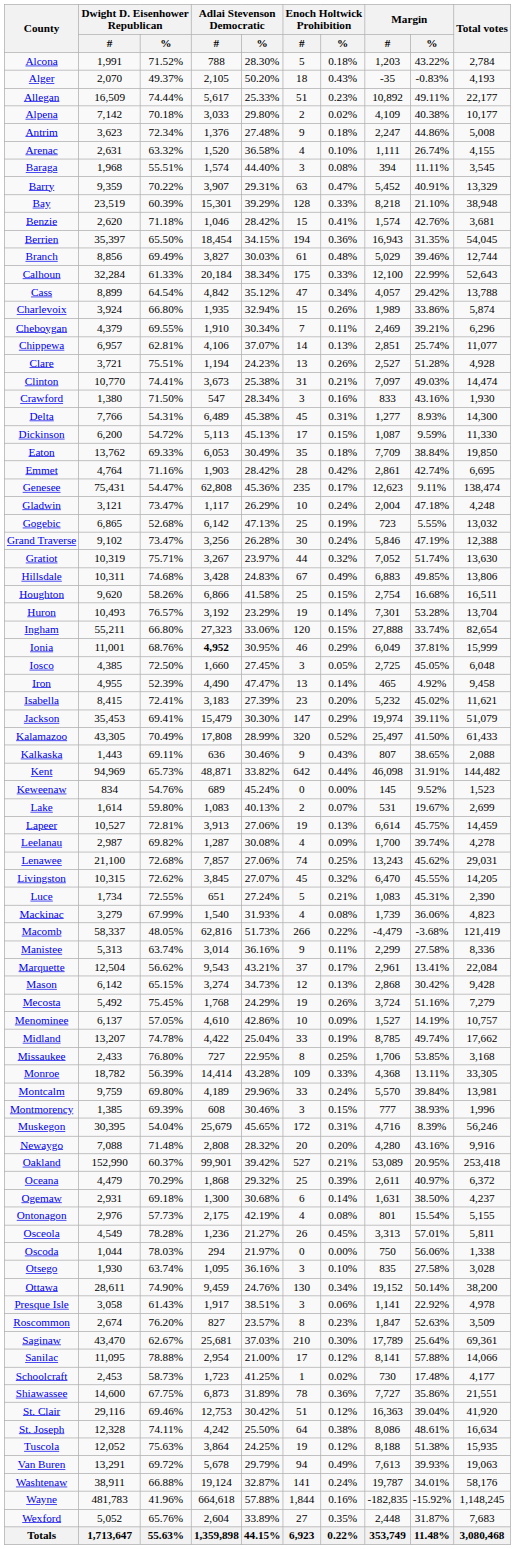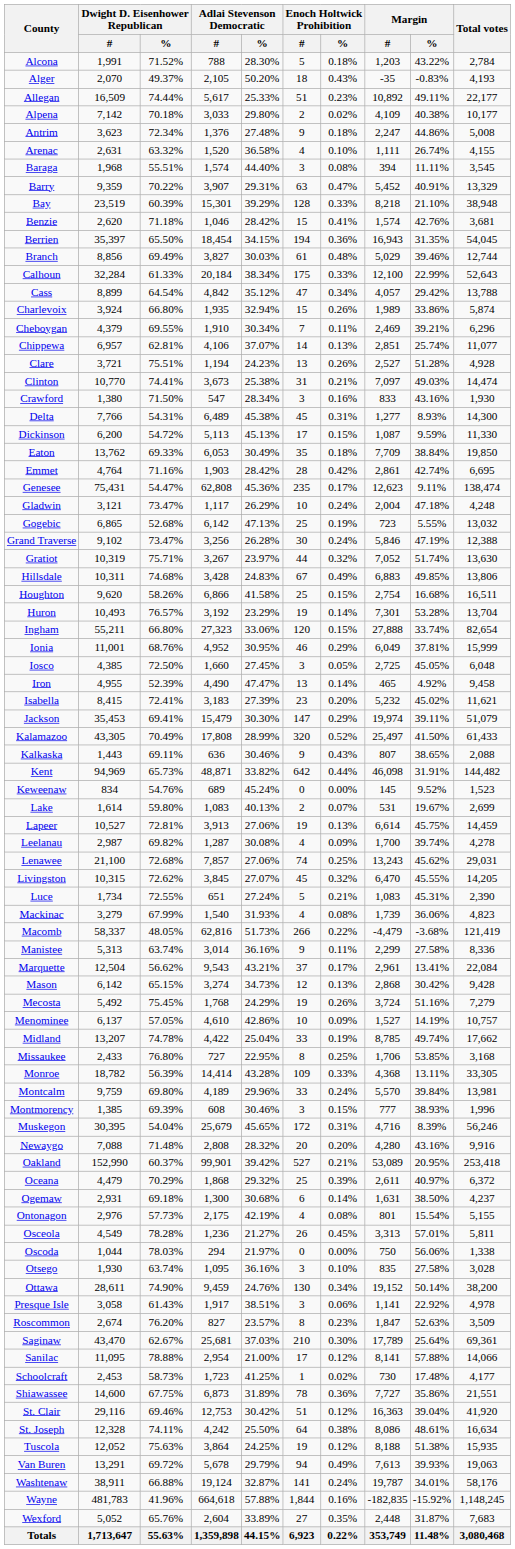 <table class="wikitable sortable">
 <tr>
 <th style="text-align:center;" rowspan="2">County</th>
 <th style="text-align:center;" colspan="2">Dwight D. Eisenhower<br>Republican</th>
 <th style="text-align:center;" colspan="2">Adlai Stevenson<br>Democratic</th>
 <th style="text-align:center;" colspan="2">Enoch Holtwick<br>Prohibition</th>
 <th style="text-align:center;" colspan="2">Margin</th>
 <th style="text-align:center;" rowspan="2">Total votes</th>
 </tr>
 <tr>
 <th style="text-align:center;" data-sort-type="number">#</th>
 <th style="text-align:center;" data-sort-type="number">%</th>
 <th style="text-align:center;" data-sort-type="number">#</th>
 <th style="text-align:center;" data-sort-type="number">%</th>
 <th style="text-align:center;" data-sort-type="number">#</th>
 <th style="text-align:center;" data-sort-type="number">%</th>
 <th style="text-align:center;" data-sort-type="number">#</th>
 <th style="text-align:center;" data-sort-type="number">%</th>
 </tr>
 <tr style="text-align:center;">
 <td><a href='#'>Alcona</a></td>
 <td>1,991</td>
 <td>71.52%</td>
 <td>788</td>
 <td>28.30%</td>
 <td>5</td>
 <td>0.18%</td>
 <td>1,203</td>
 <td>43.22%</td>
 <td>2,784</td>
 </tr>
 <tr style="text-align:center;">
 <td><a href='#'>Alger</a></td>
 <td>2,070</td>
 <td>49.37%</td>
 <td>2,105</td>
 <td>50.20%</td>
 <td>18</td>
 <td>0.43%</td>
 <td>-35</td>
 <td>-0.83%</td>
 <td>4,193</td>
 </tr>
 <tr style="text-align:center;">
 <td><a href='#'>Allegan</a></td>
 <td>16,509</td>
 <td>74.44%</td>
 <td>5,617</td>
 <td>25.33%</td>
 <td>51</td>
 <td>0.23%</td>
 <td>10,892</td>
 <td>49.11%</td>
 <td>22,177</td>
 </tr>
 <tr style="text-align:center;">
 <td><a href='#'>Alpena</a></td>
 <td>7,142</td>
 <td>70.18%</td>
 <td>3,033</td>
 <td>29.80%</td>
 <td>2</td>
 <td>0.02%</td>
 <td>4,109</td>
 <td>40.38%</td>
 <td>10,177</td>
 </tr>
 <tr style="text-align:center;">
 <td><a href='#'>Antrim</a></td>
 <td>3,623</td>
 <td>72.34%</td>
 <td>1,376</td>
 <td>27.48%</td>
 <td>9</td>
 <td>0.18%</td>
 <td>2,247</td>
 <td>44.86%</td>
 <td>5,008</td>
 </tr>
 <tr style="text-align:center;">
 <td><a href='#'>Arenac</a></td>
 <td>2,631</td>
 <td>63.32%</td>
 <td>1,520</td>
 <td>36.58%</td>
 <td>4</td>
 <td>0.10%</td>
 <td>1,111</td>
 <td>26.74%</td>
 <td>4,155</td>
 </tr>
 <tr style="text-align:center;">
 <td><a href='#'>Baraga</a></td>
 <td>1,968</td>
 <td>55.51%</td>
 <td>1,574</td>
 <td>44.40%</td>
 <td>3</td>
 <td>0.08%</td>
 <td>394</td>
 <td>11.11%</td>
 <td>3,545</td>
 </tr>
 <tr style="text-align:center;">
 <td><a href='#'>Barry</a></td>
 <td>9,359</td>
 <td>70.22%</td>
 <td>3,907</td>
 <td>29.31%</td>
 <td>63</td>
 <td>0.47%</td>
 <td>5,452</td>
 <td>40.91%</td>
 <td>13,329</td>
 </tr>
 <tr style="text-align:center;">
 <td><a href='#'>Bay</a></td>
 <td>23,519</td>
 <td>60.39%</td>
 <td>15,301</td>
 <td>39.29%</td>
 <td>128</td>
 <td>0.33%</td>
 <td>8,218</td>
 <td>21.10%</td>
 <td>38,948</td>
 </tr>
 <tr style="text-align:center;">
 <td><a href='#'>Benzie</a></td>
 <td>2,620</td>
 <td>71.18%</td>
 <td>1,046</td>
 <td>28.42%</td>
 <td>15</td>
 <td>0.41%</td>
 <td>1,574</td>
 <td>42.76%</td>
 <td>3,681</td>
 </tr>
 <tr style="text-align:center;">
 <td><a href='#'>Berrien</a></td>
 <td>35,397</td>
 <td>65.50%</td>
 <td>18,454</td>
 <td>34.15%</td>
 <td>194</td>
 <td>0.36%</td>
 <td>16,943</td>
 <td>31.35%</td>
 <td>54,045</td>
 </tr>
 <tr style="text-align:center;">
 <td><a href='#'>Branch</a></td>
 <td>8,856</td>
 <td>69.49%</td>
 <td>3,827</td>
 <td>30.03%</td>
 <td>61</td>
 <td>0.48%</td>
 <td>5,029</td>
 <td>39.46%</td>
 <td>12,744</td>
 </tr>
 <tr style="text-align:center;">
 <td><a href='#'>Calhoun</a></td>
 <td>32,284</td>
 <td>61.33%</td>
 <td>20,184</td>
 <td>38.34%</td>
 <td>175</td>
 <td>0.33%</td>
 <td>12,100</td>
 <td>22.99%</td>
 <td>52,643</td>
 </tr>
 <tr style="text-align:center;">
 <td><a href='#'>Cass</a></td>
 <td>8,899</td>
 <td>64.54%</td>
 <td>4,842</td>
 <td>35.12%</td>
 <td>47</td>
 <td>0.34%</td>
 <td>4,057</td>
 <td>29.42%</td>
 <td>13,788</td>
 </tr>
 <tr style="text-align:center;">
 <td><a href='#'>Charlevoix</a></td>
 <td>3,924</td>
 <td>66.80%</td>
 <td>1,935</td>
 <td>32.94%</td>
 <td>15</td>
 <td>0.26%</td>
 <td>1,989</td>
 <td>33.86%</td>
 <td>5,874</td>
 </tr>
 <tr style="text-align:center;">
 <td><a href='#'>Cheboygan</a></td>
 <td>4,379</td>
 <td>69.55%</td>
 <td>1,910</td>
 <td>30.34%</td>
 <td>7</td>
 <td>0.11%</td>
 <td>2,469</td>
 <td>39.21%</td>
 <td>6,296</td>
 </tr>
 <tr style="text-align:center;">
 <td><a href='#'>Chippewa</a></td>
 <td>6,957</td>
 <td>62.81%</td>
 <td>4,106</td>
 <td>37.07%</td>
 <td>14</td>
 <td>0.13%</td>
 <td>2,851</td>
 <td>25.74%</td>
 <td>11,077</td>
 </tr>
 <tr style="text-align:center;">
 <td><a href='#'>Clare</a></td>
 <td>3,721</td>
 <td>75.51%</td>
 <td>1,194</td>
 <td>24.23%</td>
 <td>13</td>
 <td>0.26%</td>
 <td>2,527</td>
 <td>51.28%</td>
 <td>4,928</td>
 </tr>
 <tr style="text-align:center;">
 <td><a href='#'>Clinton</a></td>
 <td>10,770</td>
 <td>74.41%</td>
 <td>3,673</td>
 <td>25.38%</td>
 <td>31</td>
 <td>0.21%</td>
 <td>7,097</td>
 <td>49.03%</td>
 <td>14,474</td>
 </tr>
 <tr style="text-align:center;">
 <td><a href='#'>Crawford</a></td>
 <td>1,380</td>
 <td>71.50%</td>
 <td>547</td>
 <td>28.34%</td>
 <td>3</td>
 <td>0.16%</td>
 <td>833</td>
 <td>43.16%</td>
 <td>1,930</td>
 </tr>
 <tr style="text-align:center;">
 <td><a href='#'>Delta</a></td>
 <td>7,766</td>
 <td>54.31%</td>
 <td>6,489</td>
 <td>45.38%</td>
 <td>45</td>
 <td>0.31%</td>
 <td>1,277</td>
 <td>8.93%</td>
 <td>14,300</td>
 </tr>
 <tr style="text-align:center;">
 <td><a href='#'>Dickinson</a></td>
 <td>6,200</td>
 <td>54.72%</td>
 <td>5,113</td>
 <td>45.13%</td>
 <td>17</td>
 <td>0.15%</td>
 <td>1,087</td>
 <td>9.59%</td>
 <td>11,330</td>
 </tr>
 <tr style="text-align:center;">
 <td><a href='#'>Eaton</a></td>
 <td>13,762</td>
 <td>69.33%</td>
 <td>6,053</td>
 <td>30.49%</td>
 <td>35</td>
 <td>0.18%</td>
 <td>7,709</td>
 <td>38.84%</td>
 <td>19,850</td>
 </tr>
 <tr style="text-align:center;">
 <td><a href='#'>Emmet</a></td>
 <td>4,764</td>
 <td>71.16%</td>
 <td>1,903</td>
 <td>28.42%</td>
 <td>28</td>
 <td>0.42%</td>
 <td>2,861</td>
 <td>42.74%</td>
 <td>6,695</td>
 </tr>
 <tr style="text-align:center;">
 <td><a href='#'>Genesee</a></td>
 <td>75,431</td>
 <td>54.47%</td>
 <td>62,808</td>
 <td>45.36%</td>
 <td>235</td>
 <td>0.17%</td>
 <td>12,623</td>
 <td>9.11%</td>
 <td>138,474</td>
 </tr>
 <tr style="text-align:center;">
 <td><a href='#'>Gladwin</a></td>
 <td>3,121</td>
 <td>73.47%</td>
 <td>1,117</td>
 <td>26.29%</td>
 <td>10</td>
 <td>0.24%</td>
 <td>2,004</td>
 <td>47.18%</td>
 <td>4,248</td>
 </tr>
 <tr style="text-align:center;">
 <td><a href='#'>Gogebic</a></td>
 <td>6,865</td>
 <td>52.68%</td>
 <td>6,142</td>
 <td>47.13%</td>
 <td>25</td>
 <td>0.19%</td>
 <td>723</td>
 <td>5.55%</td>
 <td>13,032</td>
 </tr>
 <tr style="text-align:center;">
 <td><a href='#'>Grand Traverse</a></td>
 <td>9,102</td>
 <td>73.47%</td>
 <td>3,256</td>
 <td>26.28%</td>
 <td>30</td>
 <td>0.24%</td>
 <td>5,846</td>
 <td>47.19%</td>
 <td>12,388</td>
 </tr>
 <tr style="text-align:center;">
 <td><a href='#'>Gratiot</a></td>
 <td>10,319</td>
 <td>75.71%</td>
 <td>3,267</td>
 <td>23.97%</td>
 <td>44</td>
 <td>0.32%</td>
 <td>7,052</td>
 <td>51.74%</td>
 <td>13,630</td>
 </tr>
 <tr style="text-align:center;">
 <td><a href='#'>Hillsdale</a></td>
 <td>10,311</td>
 <td>74.68%</td>
 <td>3,428</td>
 <td>24.83%</td>
 <td>67</td>
 <td>0.49%</td>
 <td>6,883</td>
 <td>49.85%</td>
 <td>13,806</td>
 </tr>
 <tr style="text-align:center;">
 <td><a href='#'>Houghton</a></td>
 <td>9,620</td>
 <td>58.26%</td>
 <td>6,866</td>
 <td>41.58%</td>
 <td>25</td>
 <td>0.15%</td>
 <td>2,754</td>
 <td>16.68%</td>
 <td>16,511</td>
 </tr>
 <tr style="text-align:center;">
 <td><a href='#'>Huron</a></td>
 <td>10,493</td>
 <td>76.57%</td>
 <td>3,192</td>
 <td>23.29%</td>
 <td>19</td>
 <td>0.14%</td>
 <td>7,301</td>
 <td>53.28%</td>
 <td>13,704</td>
 </tr>
 <tr style="text-align:center;">
 <td><a href='#'>Ingham</a></td>
 <td>55,211</td>
 <td>66.80%</td>
 <td>27,323</td>
 <td>33.06%</td>
 <td>120</td>
 <td>0.15%</td>
 <td>27,888</td>
 <td>33.74%</td>
 <td>82,654</td>
 </tr>
 <tr style="text-align:center;">
 <td><a href='#'>Ionia</a></td>
 <td>11,001</td>
 <td>68.76%</td>
-<td><strong>4,952</strong></td>
+<td>4,952</td>
 <td>30.95%</td>
 <td>46</td>
 <td>0.29%</td>
 <td>6,049</td>
 <td>37.81%</td>
 <td>15,999</td>
 </tr>
 <tr style="text-align:center;">
 <td><a href='#'>Iosco</a></td>
 <td>4,385</td>
 <td>72.50%</td>
 <td>1,660</td>
 <td>27.45%</td>
 <td>3</td>
 <td>0.05%</td>
 <td>2,725</td>
 <td>45.05%</td>
 <td>6,048</td>
 </tr>
 <tr style="text-align:center;">
 <td><a href='#'>Iron</a></td>
 <td>4,955</td>
 <td>52.39%</td>
 <td>4,490</td>
 <td>47.47%</td>
 <td>13</td>
 <td>0.14%</td>
 <td>465</td>
 <td>4.92%</td>
 <td>9,458</td>
 </tr>
 <tr style="text-align:center;">
 <td><a href='#'>Isabella</a></td>
 <td>8,415</td>
 <td>72.41%</td>
 <td>3,183</td>
 <td>27.39%</td>
 <td>23</td>
 <td>0.20%</td>
 <td>5,232</td>
 <td>45.02%</td>
 <td>11,621</td>
 </tr>
 <tr style="text-align:center;">
 <td><a href='#'>Jackson</a></td>
 <td>35,453</td>
 <td>69.41%</td>
 <td>15,479</td>
 <td>30.30%</td>
 <td>147</td>
 <td>0.29%</td>
 <td>19,974</td>
 <td>39.11%</td>
 <td>51,079</td>
 </tr>
 <tr style="text-align:center;">
 <td><a href='#'>Kalamazoo</a></td>
 <td>43,305</td>
 <td>70.49%</td>
 <td>17,808</td>
 <td>28.99%</td>
 <td>320</td>
 <td>0.52%</td>
 <td>25,497</td>
 <td>41.50%</td>
 <td>61,433</td>
 </tr>
 <tr style="text-align:center;">
 <td><a href='#'>Kalkaska</a></td>
 <td>1,443</td>
 <td>69.11%</td>
 <td>636</td>
 <td>30.46%</td>
 <td>9</td>
 <td>0.43%</td>
 <td>807</td>
 <td>38.65%</td>
 <td>2,088</td>
 </tr>
 <tr style="text-align:center;">
 <td><a href='#'>Kent</a></td>
 <td>94,969</td>
 <td>65.73%</td>
 <td>48,871</td>
 <td>33.82%</td>
 <td>642</td>
 <td>0.44%</td>
 <td>46,098</td>
 <td>31.91%</td>
 <td>144,482</td>
 </tr>
 <tr style="text-align:center;">
 <td><a href='#'>Keweenaw</a></td>
 <td>834</td>
 <td>54.76%</td>
 <td>689</td>
 <td>45.24%</td>
 <td>0</td>
 <td>0.00%</td>
 <td>145</td>
 <td>9.52%</td>
 <td>1,523</td>
 </tr>
 <tr style="text-align:center;">
 <td><a href='#'>Lake</a></td>
 <td>1,614</td>
 <td>59.80%</td>
 <td>1,083</td>
 <td>40.13%</td>
 <td>2</td>
 <td>0.07%</td>
 <td>531</td>
 <td>19.67%</td>
 <td>2,699</td>
 </tr>
 <tr style="text-align:center;">
 <td><a href='#'>Lapeer</a></td>
 <td>10,527</td>
 <td>72.81%</td>
 <td>3,913</td>
 <td>27.06%</td>
 <td>19</td>
 <td>0.13%</td>
 <td>6,614</td>
 <td>45.75%</td>
 <td>14,459</td>
 </tr>
 <tr style="text-align:center;">
 <td><a href='#'>Leelanau</a></td>
 <td>2,987</td>
 <td>69.82%</td>
 <td>1,287</td>
 <td>30.08%</td>
 <td>4</td>
 <td>0.09%</td>
 <td>1,700</td>
 <td>39.74%</td>
 <td>4,278</td>
 </tr>
 <tr style="text-align:center;">
 <td><a href='#'>Lenawee</a></td>
 <td>21,100</td>
 <td>72.68%</td>
 <td>7,857</td>
 <td>27.06%</td>
 <td>74</td>
 <td>0.25%</td>
 <td>13,243</td>
 <td>45.62%</td>
 <td>29,031</td>
 </tr>
 <tr style="text-align:center;">
 <td><a href='#'>Livingston</a></td>
 <td>10,315</td>
 <td>72.62%</td>
 <td>3,845</td>
 <td>27.07%</td>
 <td>45</td>
 <td>0.32%</td>
 <td>6,470</td>
 <td>45.55%</td>
 <td>14,205</td>
 </tr>
 <tr style="text-align:center;">
 <td><a href='#'>Luce</a></td>
 <td>1,734</td>
 <td>72.55%</td>
 <td>651</td>
 <td>27.24%</td>
 <td>5</td>
 <td>0.21%</td>
 <td>1,083</td>
 <td>45.31%</td>
 <td>2,390</td>
 </tr>
 <tr style="text-align:center;">
 <td><a href='#'>Mackinac</a></td>
 <td>3,279</td>
 <td>67.99%</td>
 <td>1,540</td>
 <td>31.93%</td>
 <td>4</td>
 <td>0.08%</td>
 <td>1,739</td>
 <td>36.06%</td>
 <td>4,823</td>
 </tr>
 <tr style="text-align:center;">
 <td><a href='#'>Macomb</a></td>
 <td>58,337</td>
 <td>48.05%</td>
 <td>62,816</td>
 <td>51.73%</td>
 <td>266</td>
 <td>0.22%</td>
 <td>-4,479</td>
 <td>-3.68%</td>
 <td>121,419</td>
 </tr>
 <tr style="text-align:center;">
 <td><a href='#'>Manistee</a></td>
 <td>5,313</td>
 <td>63.74%</td>
 <td>3,014</td>
 <td>36.16%</td>
 <td>9</td>
 <td>0.11%</td>
 <td>2,299</td>
 <td>27.58%</td>
 <td>8,336</td>
 </tr>
 <tr style="text-align:center;">
 <td><a href='#'>Marquette</a></td>
 <td>12,504</td>
 <td>56.62%</td>
 <td>9,543</td>
 <td>43.21%</td>
 <td>37</td>
 <td>0.17%</td>
 <td>2,961</td>
 <td>13.41%</td>
 <td>22,084</td>
 </tr>
 <tr style="text-align:center;">
 <td><a href='#'>Mason</a></td>
 <td>6,142</td>
 <td>65.15%</td>
 <td>3,274</td>
 <td>34.73%</td>
 <td>12</td>
 <td>0.13%</td>
 <td>2,868</td>
 <td>30.42%</td>
 <td>9,428</td>
 </tr>
 <tr style="text-align:center;">
 <td><a href='#'>Mecosta</a></td>
 <td>5,492</td>
 <td>75.45%</td>
 <td>1,768</td>
 <td>24.29%</td>
 <td>19</td>
 <td>0.26%</td>
 <td>3,724</td>
 <td>51.16%</td>
 <td>7,279</td>
 </tr>
 <tr style="text-align:center;">
 <td><a href='#'>Menominee</a></td>
 <td>6,137</td>
 <td>57.05%</td>
 <td>4,610</td>
 <td>42.86%</td>
 <td>10</td>
 <td>0.09%</td>
 <td>1,527</td>
 <td>14.19%</td>
 <td>10,757</td>
 </tr>
 <tr style="text-align:center;">
 <td><a href='#'>Midland</a></td>
 <td>13,207</td>
 <td>74.78%</td>
 <td>4,422</td>
 <td>25.04%</td>
 <td>33</td>
 <td>0.19%</td>
 <td>8,785</td>
 <td>49.74%</td>
 <td>17,662</td>
 </tr>
 <tr style="text-align:center;">
 <td><a href='#'>Missaukee</a></td>
 <td>2,433</td>
 <td>76.80%</td>
 <td>727</td>
 <td>22.95%</td>
 <td>8</td>
 <td>0.25%</td>
 <td>1,706</td>
 <td>53.85%</td>
 <td>3,168</td>
 </tr>
 <tr style="text-align:center;">
 <td><a href='#'>Monroe</a></td>
 <td>18,782</td>
 <td>56.39%</td>
 <td>14,414</td>
 <td>43.28%</td>
 <td>109</td>
 <td>0.33%</td>
 <td>4,368</td>
 <td>13.11%</td>
 <td>33,305</td>
 </tr>
 <tr style="text-align:center;">
 <td><a href='#'>Montcalm</a></td>
 <td>9,759</td>
 <td>69.80%</td>
 <td>4,189</td>
 <td>29.96%</td>
 <td>33</td>
 <td>0.24%</td>
 <td>5,570</td>
 <td>39.84%</td>
 <td>13,981</td>
 </tr>
 <tr style="text-align:center;">
 <td><a href='#'>Montmorency</a></td>
 <td>1,385</td>
 <td>69.39%</td>
 <td>608</td>
 <td>30.46%</td>
 <td>3</td>
 <td>0.15%</td>
 <td>777</td>
 <td>38.93%</td>
 <td>1,996</td>
 </tr>
 <tr style="text-align:center;">
 <td><a href='#'>Muskegon</a></td>
 <td>30,395</td>
 <td>54.04%</td>
 <td>25,679</td>
 <td>45.65%</td>
 <td>172</td>
 <td>0.31%</td>
 <td>4,716</td>
 <td>8.39%</td>
 <td>56,246</td>
 </tr>
 <tr style="text-align:center;">
 <td><a href='#'>Newaygo</a></td>
 <td>7,088</td>
 <td>71.48%</td>
 <td>2,808</td>
 <td>28.32%</td>
 <td>20</td>
 <td>0.20%</td>
 <td>4,280</td>
 <td>43.16%</td>
 <td>9,916</td>
 </tr>
 <tr style="text-align:center;">
 <td><a href='#'>Oakland</a></td>
 <td>152,990</td>
 <td>60.37%</td>
 <td>99,901</td>
 <td>39.42%</td>
 <td>527</td>
 <td>0.21%</td>
 <td>53,089</td>
 <td>20.95%</td>
 <td>253,418</td>
 </tr>
 <tr style="text-align:center;">
 <td><a href='#'>Oceana</a></td>
 <td>4,479</td>
 <td>70.29%</td>
 <td>1,868</td>
 <td>29.32%</td>
 <td>25</td>
 <td>0.39%</td>
 <td>2,611</td>
 <td>40.97%</td>
 <td>6,372</td>
 </tr>
 <tr style="text-align:center;">
 <td><a href='#'>Ogemaw</a></td>
 <td>2,931</td>
 <td>69.18%</td>
 <td>1,300</td>
 <td>30.68%</td>
 <td>6</td>
 <td>0.14%</td>
 <td>1,631</td>
 <td>38.50%</td>
 <td>4,237</td>
 </tr>
 <tr style="text-align:center;">
 <td><a href='#'>Ontonagon</a></td>
 <td>2,976</td>
 <td>57.73%</td>
 <td>2,175</td>
 <td>42.19%</td>
 <td>4</td>
 <td>0.08%</td>
 <td>801</td>
 <td>15.54%</td>
 <td>5,155</td>
 </tr>
 <tr style="text-align:center;">
 <td><a href='#'>Osceola</a></td>
 <td>4,549</td>
 <td>78.28%</td>
 <td>1,236</td>
 <td>21.27%</td>
 <td>26</td>
 <td>0.45%</td>
 <td>3,313</td>
 <td>57.01%</td>
 <td>5,811</td>
 </tr>
 <tr style="text-align:center;">
 <td><a href='#'>Oscoda</a></td>
 <td>1,044</td>
 <td>78.03%</td>
 <td>294</td>
 <td>21.97%</td>
 <td>0</td>
 <td>0.00%</td>
 <td>750</td>
 <td>56.06%</td>
 <td>1,338</td>
 </tr>
 <tr style="text-align:center;">
 <td><a href='#'>Otsego</a></td>
 <td>1,930</td>
 <td>63.74%</td>
 <td>1,095</td>
 <td>36.16%</td>
 <td>3</td>
 <td>0.10%</td>
 <td>835</td>
 <td>27.58%</td>
 <td>3,028</td>
 </tr>
 <tr style="text-align:center;">
 <td><a href='#'>Ottawa</a></td>
 <td>28,611</td>
 <td>74.90%</td>
 <td>9,459</td>
 <td>24.76%</td>
 <td>130</td>
 <td>0.34%</td>
 <td>19,152</td>
 <td>50.14%</td>
 <td>38,200</td>
 </tr>
 <tr style="text-align:center;">
 <td><a href='#'>Presque Isle</a></td>
 <td>3,058</td>
 <td>61.43%</td>
 <td>1,917</td>
 <td>38.51%</td>
 <td>3</td>
 <td>0.06%</td>
 <td>1,141</td>
 <td>22.92%</td>
 <td>4,978</td>
 </tr>
 <tr style="text-align:center;">
 <td><a href='#'>Roscommon</a></td>
 <td>2,674</td>
 <td>76.20%</td>
 <td>827</td>
 <td>23.57%</td>
 <td>8</td>
 <td>0.23%</td>
 <td>1,847</td>
 <td>52.63%</td>
 <td>3,509</td>
 </tr>
 <tr style="text-align:center;">
 <td><a href='#'>Saginaw</a></td>
 <td>43,470</td>
 <td>62.67%</td>
 <td>25,681</td>
 <td>37.03%</td>
 <td>210</td>
 <td>0.30%</td>
 <td>17,789</td>
 <td>25.64%</td>
 <td>69,361</td>
 </tr>
 <tr style="text-align:center;">
 <td><a href='#'>Sanilac</a></td>
 <td>11,095</td>
 <td>78.88%</td>
 <td>2,954</td>
 <td>21.00%</td>
 <td>17</td>
 <td>0.12%</td>
 <td>8,141</td>
 <td>57.88%</td>
 <td>14,066</td>
 </tr>
 <tr style="text-align:center;">
 <td><a href='#'>Schoolcraft</a></td>
 <td>2,453</td>
 <td>58.73%</td>
 <td>1,723</td>
 <td>41.25%</td>
 <td>1</td>
 <td>0.02%</td>
 <td>730</td>
 <td>17.48%</td>
 <td>4,177</td>
 </tr>
 <tr style="text-align:center;">
 <td><a href='#'>Shiawassee</a></td>
 <td>14,600</td>
 <td>67.75%</td>
 <td>6,873</td>
 <td>31.89%</td>
 <td>78</td>
 <td>0.36%</td>
 <td>7,727</td>
 <td>35.86%</td>
 <td>21,551</td>
 </tr>
 <tr style="text-align:center;">
 <td><a href='#'>St. Clair</a></td>
 <td>29,116</td>
 <td>69.46%</td>
 <td>12,753</td>
 <td>30.42%</td>
 <td>51</td>
 <td>0.12%</td>
 <td>16,363</td>
 <td>39.04%</td>
 <td>41,920</td>
 </tr>
 <tr style="text-align:center;">
 <td><a href='#'>St. Joseph</a></td>
 <td>12,328</td>
 <td>74.11%</td>
 <td>4,242</td>
 <td>25.50%</td>
 <td>64</td>
 <td>0.38%</td>
 <td>8,086</td>
 <td>48.61%</td>
 <td>16,634</td>
 </tr>
 <tr style="text-align:center;">
 <td><a href='#'>Tuscola</a></td>
 <td>12,052</td>
 <td>75.63%</td>
 <td>3,864</td>
 <td>24.25%</td>
 <td>19</td>
 <td>0.12%</td>
 <td>8,188</td>
 <td>51.38%</td>
 <td>15,935</td>
 </tr>
 <tr style="text-align:center;">
 <td><a href='#'>Van Buren</a></td>
 <td>13,291</td>
 <td>69.72%</td>
 <td>5,678</td>
 <td>29.79%</td>
 <td>94</td>
 <td>0.49%</td>
 <td>7,613</td>
 <td>39.93%</td>
 <td>19,063</td>
 </tr>
 <tr style="text-align:center;">
 <td><a href='#'>Washtenaw</a></td>
 <td>38,911</td>
 <td>66.88%</td>
 <td>19,124</td>
 <td>32.87%</td>
 <td>141</td>
 <td>0.24%</td>
 <td>19,787</td>
 <td>34.01%</td>
 <td>58,176</td>
 </tr>
 <tr style="text-align:center;">
 <td><a href='#'>Wayne</a></td>
 <td>481,783</td>
 <td>41.96%</td>
 <td>664,618</td>
 <td>57.88%</td>
 <td>1,844</td>
 <td>0.16%</td>
 <td>-182,835</td>
 <td>-15.92%</td>
 <td>1,148,245</td>
 </tr>
 <tr style="text-align:center;">
 <td><a href='#'>Wexford</a></td>
 <td>5,052</td>
 <td>65.76%</td>
 <td>2,604</td>
 <td>33.89%</td>
 <td>27</td>
 <td>0.35%</td>
 <td>2,448</td>
 <td>31.87%</td>
 <td>7,683</td>
 </tr>
 <tr style="text-align:center;">
 <th>Totals</th>
 <th>1,713,647</th>
 <th>55.63%</th>
 <th>1,359,898</th>
 <th>44.15%</th>
 <th>6,923</th>
 <th>0.22%</th>
 <th>353,749</th>
 <th>11.48%</th>
 <th>3,080,468</th>
 </tr>
 </table>
